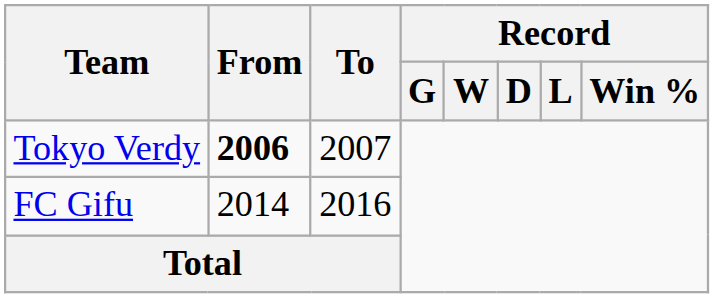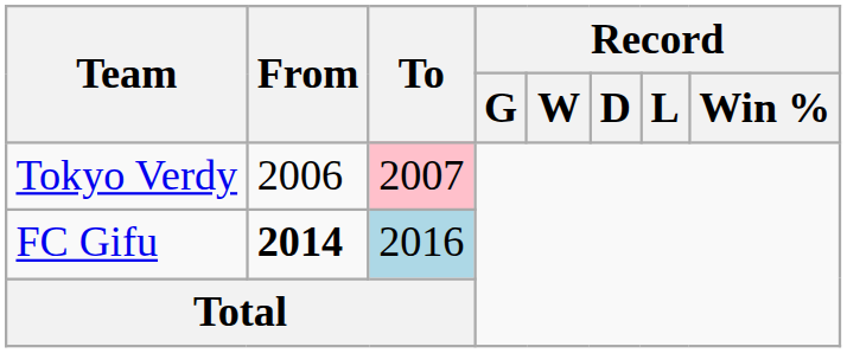 <table class="wikitable" style="text-align: center">
 <tr>
 <th rowspan="2">Team</th>
 <th rowspan="2">From</th>
 <th rowspan="2">To</th>
 <th colspan="5">Record</th>
 </tr>
 <tr>
 <th>G</th>
 <th>W</th>
 <th>D</th>
 <th>L</th>
 <th>Win %</th>
 </tr>
 <tr>
 <td align="left"><a href='#'>Tokyo Verdy</a></td>
-<td align="left"><strong>2006</strong></td>
-<td align="left">2007<br></td>
+<td align="left">2006</td>
+<td align="left" style="background: pink;">2007<br></td>
 </tr>
 <tr>
 <td align="left"><a href='#'>FC Gifu</a></td>
-<td align="left">2014</td>
-<td align="left">2016<br></td>
+<td align="left"><strong>2014</strong></td>
+<td align="left" style="background: lightblue;">2016<br></td>
 </tr>
 <tr>
 <th colspan="3">Total<br></th>
 </tr>
 </table>
